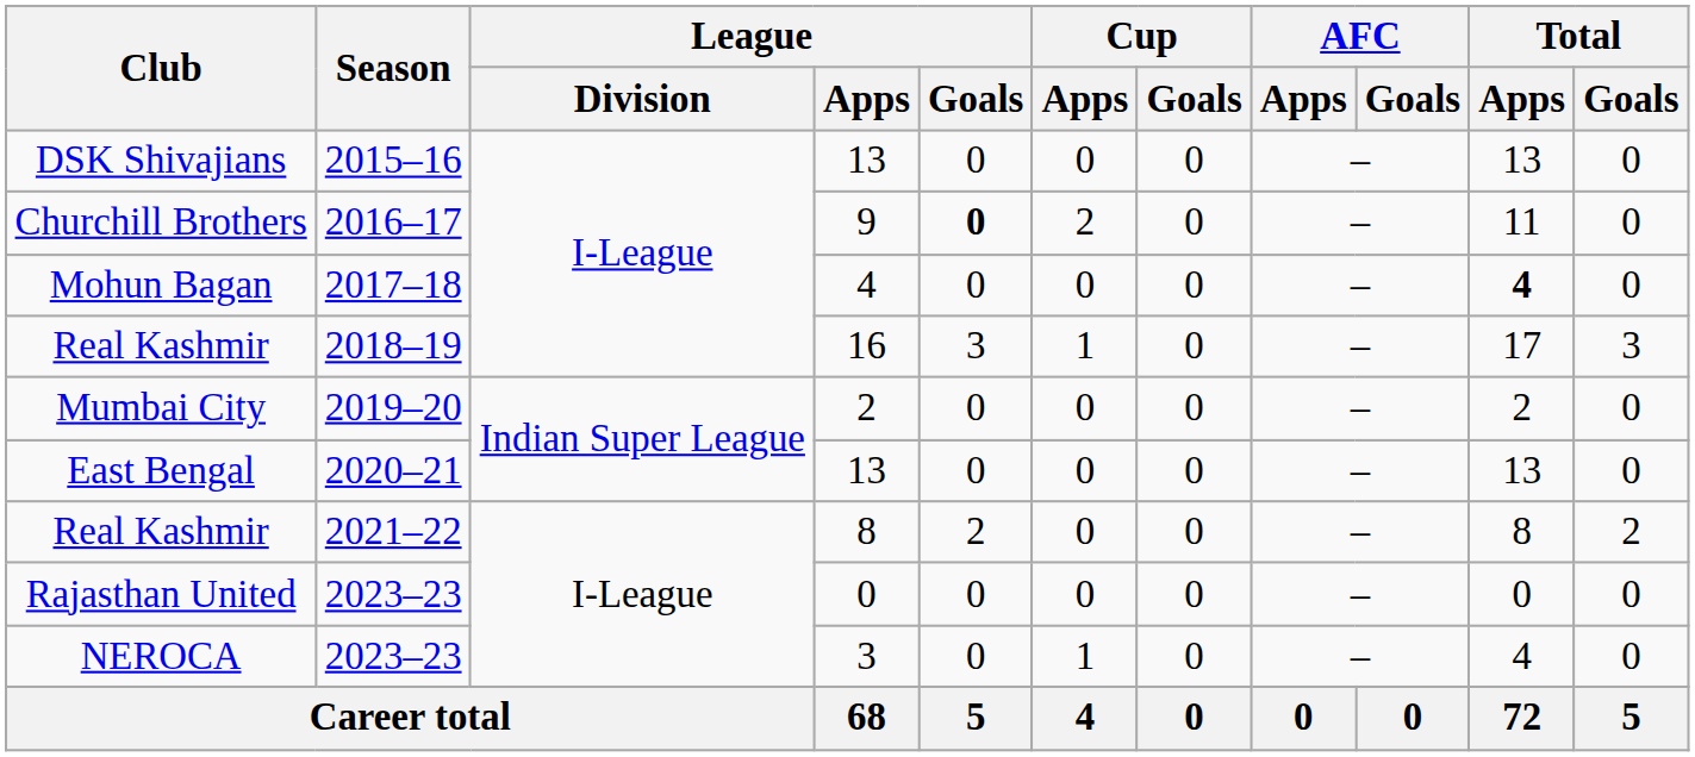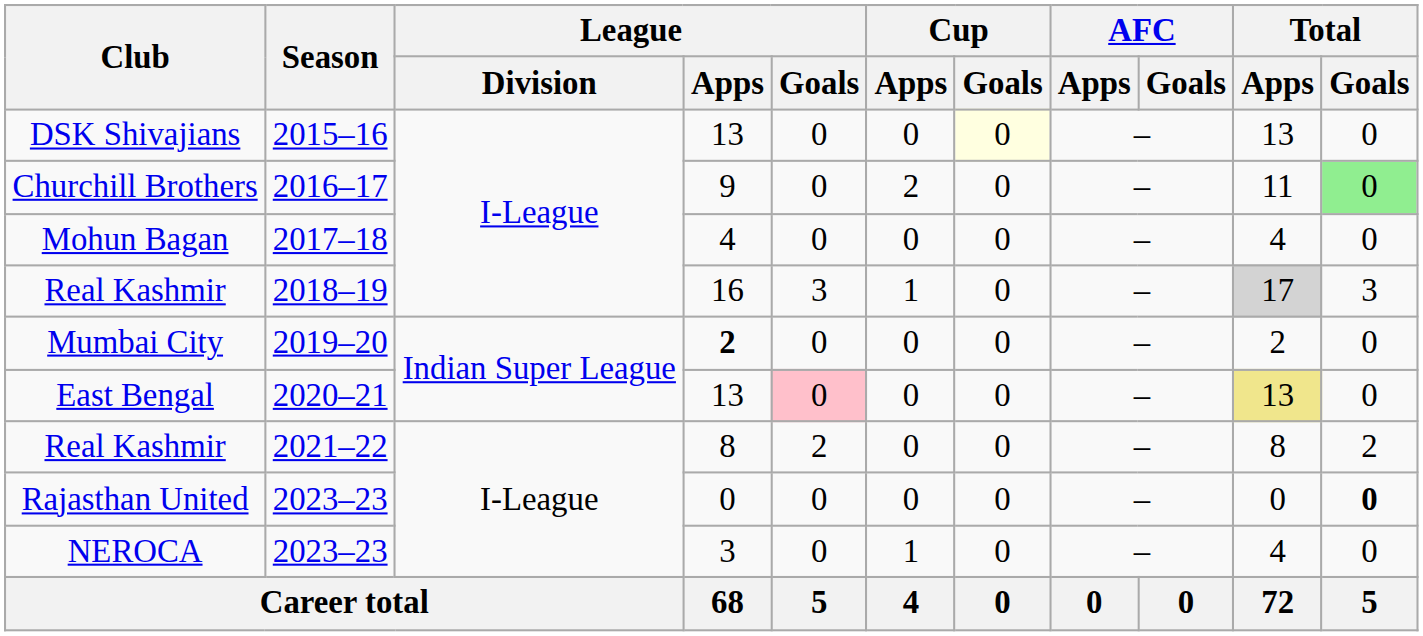 <table class="wikitable" style="text-align: center; font-size;">
 <tr>
 <th rowspan="2">Club</th>
 <th rowspan="2">Season</th>
 <th colspan="3">League</th>
 <th colspan="2">Cup</th>
 <th colspan="2"><a href='#'>AFC</a></th>
 <th colspan="2">Total</th>
 </tr>
 <tr>
 <th>Division</th>
 <th>Apps</th>
 <th>Goals</th>
 <th>Apps</th>
 <th>Goals</th>
 <th>Apps</th>
 <th>Goals</th>
 <th>Apps</th>
 <th>Goals</th>
 </tr>
 <tr>
 <td rowspan="1"><a href='#'>DSK Shivajians</a></td>
 <td><a href='#'>2015–16</a></td>
 <td rowspan="4"><a href='#'>I-League</a></td>
 <td>13</td>
 <td>0</td>
 <td>0</td>
-<td>0</td>
+<td style="background: lightyellow;">0</td>
 <td colspan="2">–</td>
 <td>13</td>
 <td>0</td>
 </tr>
 <tr>
 <td rowspan="1"><a href='#'>Churchill Brothers</a></td>
 <td><a href='#'>2016–17</a></td>
 <td>9</td>
-<td><strong>0</strong></td>
+<td>0</td>
 <td>2</td>
 <td>0</td>
 <td colspan="2">–</td>
 <td>11</td>
-<td>0</td>
+<td style="background: lightgreen;">0</td>
 </tr>
 <tr>
 <td rowspan="1"><a href='#'>Mohun Bagan</a></td>
 <td><a href='#'>2017–18</a></td>
 <td>4</td>
 <td>0</td>
 <td>0</td>
 <td>0</td>
 <td colspan="2">–</td>
-<td><strong>4</strong></td>
+<td>4</td>
 <td>0</td>
 </tr>
 <tr>
 <td rowspan="1"><a href='#'>Real Kashmir</a></td>
 <td><a href='#'>2018–19</a></td>
 <td>16</td>
 <td>3</td>
 <td>1</td>
 <td>0</td>
 <td colspan="2">–</td>
-<td>17</td>
+<td style="background: lightgrey;">17</td>
 <td>3</td>
 </tr>
 <tr>
 <td rowspan="1"><a href='#'>Mumbai City</a></td>
 <td><a href='#'>2019–20</a></td>
 <td rowspan="2"><a href='#'>Indian Super League</a></td>
-<td>2</td>
+<td><strong>2</strong></td>
 <td>0</td>
 <td>0</td>
 <td>0</td>
 <td colspan="2">–</td>
 <td>2</td>
 <td>0</td>
 </tr>
 <tr>
 <td rowspan="1"><a href='#'>East Bengal</a></td>
 <td><a href='#'>2020–21</a></td>
 <td>13</td>
-<td>0</td>
+<td style="background: pink;">0</td>
 <td>0</td>
 <td>0</td>
 <td colspan="2">–</td>
-<td>13</td>
+<td style="background: khaki;">13</td>
 <td>0</td>
 </tr>
 <tr>
 <td rowspan="1"><a href='#'>Real Kashmir</a></td>
 <td><a href='#'>2021–22</a></td>
 <td rowspan="3">I-League</td>
 <td>8</td>
 <td>2</td>
 <td>0</td>
 <td>0</td>
 <td colspan="2">–</td>
 <td>8</td>
 <td>2</td>
 </tr>
 <tr>
 <td rowspan="1"><a href='#'>Rajasthan United</a></td>
 <td><a href='#'>2023–23</a></td>
 <td>0</td>
 <td>0</td>
 <td>0</td>
 <td>0</td>
 <td colspan="2">–</td>
 <td>0</td>
-<td>0</td>
+<td><strong>0</strong></td>
 </tr>
 <tr>
 <td rowspan="1"><a href='#'>NEROCA</a></td>
 <td><a href='#'>2023–23</a></td>
 <td>3</td>
 <td>0</td>
 <td>1</td>
 <td>0</td>
 <td colspan="2">–</td>
 <td>4</td>
 <td>0</td>
 </tr>
 <tr>
 <th colspan="3">Career total</th>
 <th>68</th>
 <th>5</th>
 <th>4</th>
 <th>0</th>
 <th>0</th>
 <th>0</th>
 <th>72</th>
 <th>5</th>
 </tr>
 </table>
